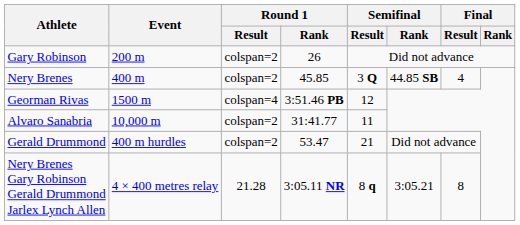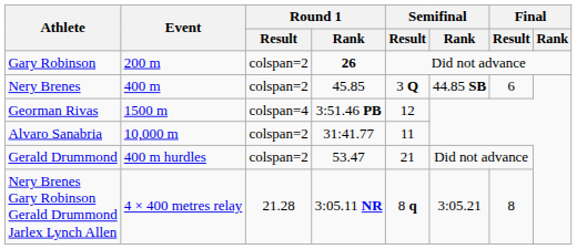 <table class=wikitable style="font-size:90%">
 <tr>
 <th rowspan="2">Athlete</th>
 <th rowspan="2">Event</th>
 <th colspan="2">Round 1</th>
 <th colspan="2">Semifinal</th>
 <th colspan="2">Final</th>
 </tr>
 <tr style="font-size:95%">
 <th>Result</th>
 <th>Rank</th>
 <th>Result</th>
 <th>Rank</th>
 <th>Result</th>
 <th>Rank</th>
 </tr>
 <tr align=center>
 <td align=left><a href='#'>Gary Robinson</a></td>
 <td align=left><a href='#'>200 m</a></td>
 <td>colspan=2 </td>
-<td>26</td>
+<td><strong>26</strong></td>
 <td colspan=4>Did not advance</td>
 </tr>
 <tr align=center>
 <td align=left><a href='#'>Nery Brenes</a></td>
 <td align=left><a href='#'>400 m</a></td>
 <td>colspan=2 </td>
 <td>45.85</td>
 <td>3 <strong>Q</strong></td>
 <td>44.85 <strong>SB</strong></td>
-<td>4</td>
+<td>6</td>
 </tr>
 <tr align=center>
 <td align=left><a href='#'>Georman Rivas</a></td>
 <td align=left><a href='#'>1500 m</a></td>
 <td>colspan=4 </td>
 <td>3:51.46 <strong>PB</strong></td>
 <td>12</td>
 </tr>
 <tr align=center>
 <td align=left><a href='#'>Alvaro Sanabria</a></td>
 <td align=left><a href='#'>10,000 m</a></td>
 <td>colspan=2 </td>
 <td>31:41.77</td>
 <td>11</td>
 </tr>
 <tr align=center>
 <td align=left><a href='#'>Gerald Drummond</a></td>
 <td align=left><a href='#'>400 m hurdles</a></td>
 <td>colspan=2 </td>
 <td>53.47</td>
 <td>21</td>
 <td colspan=2>Did not advance</td>
 </tr>
 <tr align=center>
 <td align=left><a href='#'>Nery Brenes</a><br><a href='#'>Gary Robinson</a><br><a href='#'>Gerald Drummond</a><br><a href='#'>Jarlex Lynch Allen</a></td>
 <td align=left><a href='#'>4 × 400 metres relay</a></td>
 <td>21.28</td>
 <td>3:05.11 <strong><a href='#'>NR</a></strong></td>
 <td>8 <strong>q</strong></td>
 <td>3:05.21</td>
 <td>8</td>
 </tr>
 </table>
